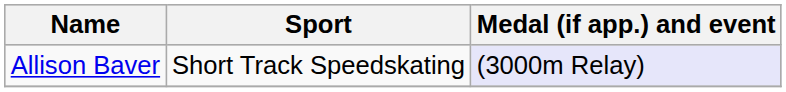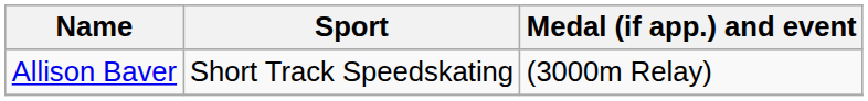 <table class="wikitable">
 <tr>
 <th>Name</th>
 <th>Sport</th>
 <th>Medal (if app.) and event</th>
 </tr>
 <tr>
 <td> <a href='#'>Allison Baver</a></td>
 <td>Short Track Speedskating</td>
-<td style="background: lavender;"> (3000m Relay)</td>
+<td> (3000m Relay)</td>
 </tr>
 <tr>
 </tr>
 </table>
